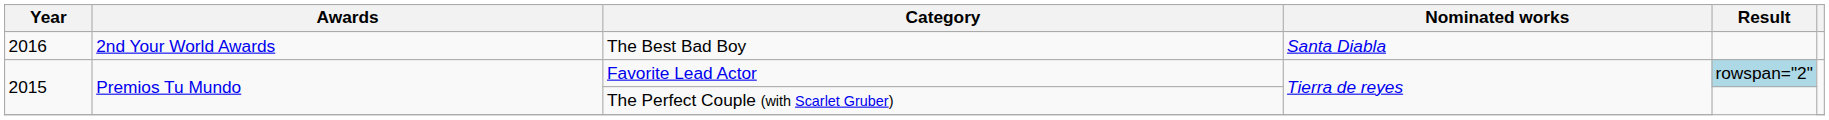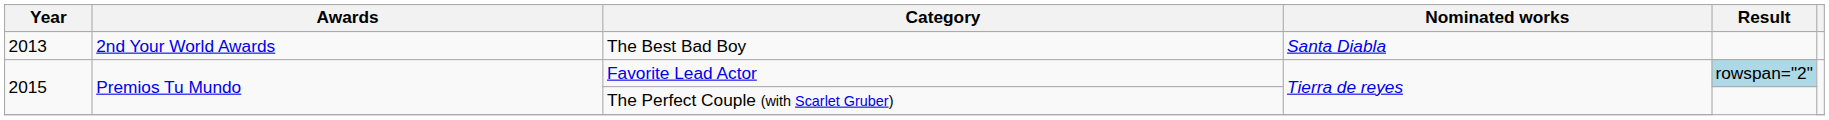 <table class="wikitable" width="85%">
 <tr>
 <th width="5%">Year</th>
 <th width="30%">Awards</th>
 <th width="40%">Category</th>
 <th width="30%">Nominated works</th>
 <th width="10%">Result</th>
 <th width="10%"></th>
 </tr>
 <tr>
-<td>2016</td>
+<td>2013</td>
 <td><a href='#'>2nd Your World Awards</a></td>
 <td>The Best Bad Boy</td>
 <td><em><a href='#'>Santa Diabla</a></em></td>
 <td></td>
 <td></td>
 </tr>
 <tr>
 <td rowspan="2">2015</td>
 <td rowspan="2"><a href='#'>Premios Tu Mundo</a></td>
 <td><a href='#'>Favorite Lead Actor</a></td>
 <td rowspan="2"><em><a href='#'>Tierra de reyes</a></em></td>
 <td style="background: lightblue;">rowspan="2" </td>
 <td rowspan="2"></td>
 </tr>
 <tr>
 <td>The Perfect Couple <small>(with <a href='#'>Scarlet Gruber</a>)</small></td>
 </tr>
 <tr>
 </tr>
 </table>
